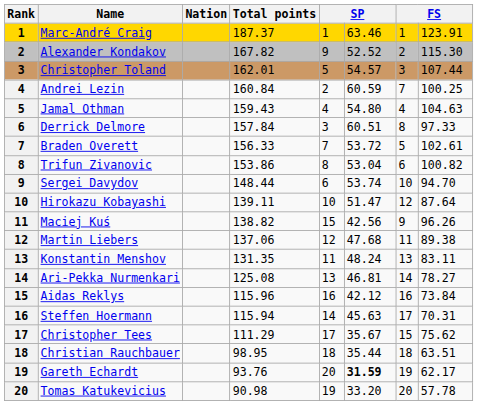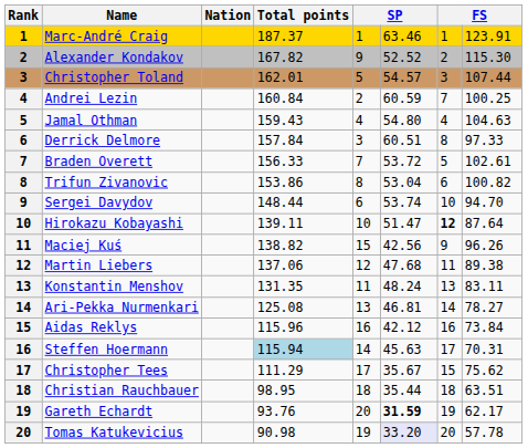 <table class="wikitable">
 <tr>
 <th>Rank</th>
 <th>Name</th>
 <th>Nation</th>
 <th>Total points</th>
 <th colspan="2" width="80px"><a href='#'>SP</a></th>
 <th colspan="2" width="80px"><a href='#'>FS</a></th>
 </tr>
 <tr bgcolor="gold">
 <td align="center"><strong>1</strong></td>
 <td><a href='#'>Marc-André Craig</a></td>
 <td></td>
 <td>187.37</td>
 <td>1</td>
 <td>63.46</td>
 <td>1</td>
 <td>123.91</td>
 </tr>
 <tr bgcolor="silver">
 <td align="center"><strong>2</strong></td>
 <td><a href='#'>Alexander Kondakov</a></td>
 <td></td>
 <td>167.82</td>
 <td>9</td>
 <td>52.52</td>
 <td>2</td>
 <td>115.30</td>
 </tr>
 <tr bgcolor="cc9966">
 <td align="center"><strong>3</strong></td>
 <td><a href='#'>Christopher Toland</a></td>
 <td></td>
 <td>162.01</td>
 <td>5</td>
 <td>54.57</td>
 <td>3</td>
 <td>107.44</td>
 </tr>
 <tr>
 <th>4</th>
 <td><a href='#'>Andrei Lezin</a></td>
 <td></td>
 <td>160.84</td>
 <td>2</td>
 <td>60.59</td>
 <td>7</td>
 <td>100.25</td>
 </tr>
 <tr>
 <th>5</th>
 <td><a href='#'>Jamal Othman</a></td>
 <td></td>
 <td>159.43</td>
 <td>4</td>
 <td>54.80</td>
 <td>4</td>
 <td>104.63</td>
 </tr>
 <tr>
 <th>6</th>
 <td><a href='#'>Derrick Delmore</a></td>
 <td></td>
 <td>157.84</td>
 <td>3</td>
 <td>60.51</td>
 <td>8</td>
 <td>97.33</td>
 </tr>
 <tr>
 <th>7</th>
 <td><a href='#'>Braden Overett</a></td>
 <td></td>
 <td>156.33</td>
 <td>7</td>
 <td>53.72</td>
 <td>5</td>
 <td>102.61</td>
 </tr>
 <tr>
 <th>8</th>
 <td><a href='#'>Trifun Zivanovic</a></td>
 <td></td>
 <td>153.86</td>
 <td>8</td>
 <td>53.04</td>
 <td>6</td>
 <td>100.82</td>
 </tr>
 <tr>
 <th>9</th>
 <td><a href='#'>Sergei Davydov</a></td>
 <td></td>
 <td>148.44</td>
 <td>6</td>
 <td>53.74</td>
 <td>10</td>
 <td>94.70</td>
 </tr>
 <tr>
 <th>10</th>
 <td><a href='#'>Hirokazu Kobayashi</a></td>
 <td></td>
 <td>139.11</td>
 <td>10</td>
 <td>51.47</td>
-<td>12</td>
+<td><strong>12</strong></td>
 <td>87.64</td>
 </tr>
 <tr>
 <th>11</th>
 <td><a href='#'>Maciej Kuś</a></td>
 <td></td>
 <td>138.82</td>
 <td>15</td>
 <td>42.56</td>
 <td>9</td>
 <td>96.26</td>
 </tr>
 <tr>
 <th>12</th>
 <td><a href='#'>Martin Liebers</a></td>
 <td></td>
 <td>137.06</td>
 <td>12</td>
 <td>47.68</td>
 <td>11</td>
 <td>89.38</td>
 </tr>
 <tr>
 <th>13</th>
 <td><a href='#'>Konstantin Menshov</a></td>
 <td></td>
 <td>131.35</td>
 <td>11</td>
 <td>48.24</td>
 <td>13</td>
 <td>83.11</td>
 </tr>
 <tr>
 <th>14</th>
 <td><a href='#'>Ari-Pekka Nurmenkari</a></td>
 <td></td>
 <td>125.08</td>
 <td>13</td>
 <td>46.81</td>
 <td>14</td>
 <td>78.27</td>
 </tr>
 <tr>
 <th>15</th>
 <td><a href='#'>Aidas Reklys</a></td>
 <td></td>
 <td>115.96</td>
 <td>16</td>
 <td>42.12</td>
 <td>16</td>
 <td>73.84</td>
 </tr>
 <tr>
 <th>16</th>
 <td><a href='#'>Steffen Hoermann</a></td>
 <td></td>
-<td>115.94</td>
+<td style="background: lightblue;">115.94</td>
 <td>14</td>
 <td>45.63</td>
 <td>17</td>
 <td>70.31</td>
 </tr>
 <tr>
 <th>17</th>
 <td><a href='#'>Christopher Tees</a></td>
 <td></td>
 <td>111.29</td>
 <td>17</td>
 <td>35.67</td>
 <td>15</td>
 <td>75.62</td>
 </tr>
 <tr>
 <th>18</th>
 <td><a href='#'>Christian Rauchbauer</a></td>
 <td></td>
 <td>98.95</td>
 <td>18</td>
 <td>35.44</td>
 <td>18</td>
 <td>63.51</td>
 </tr>
 <tr>
 <th>19</th>
 <td><a href='#'>Gareth Echardt</a></td>
 <td></td>
 <td>93.76</td>
 <td>20</td>
 <td><strong>31.59</strong></td>
 <td>19</td>
 <td>62.17</td>
 </tr>
 <tr>
 <th>20</th>
 <td><a href='#'>Tomas Katukevicius</a></td>
 <td></td>
 <td>90.98</td>
 <td>19</td>
-<td>33.20</td>
+<td style="background: lavender;">33.20</td>
 <td>20</td>
 <td>57.78</td>
 </tr>
 </table>
